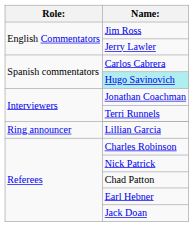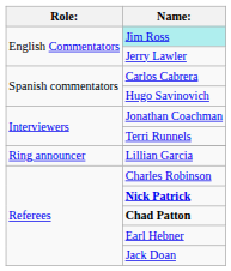 <table class=wikitable style="font-size:90%; margin: 0.5em 0 0.5em 1em; float: right; clear: right;">
 <tr>
 <th>Role:</th>
 <th>Name:</th>
 </tr>
 <tr>
 <td rowspan="2">English <a href='#'>Commentators</a></td>
-<td><a href='#'>Jim Ross</a></td>
+<td style="background: paleturquoise;"><a href='#'>Jim Ross</a></td>
 </tr>
 <tr>
 <td><a href='#'>Jerry Lawler</a></td>
 </tr>
 <tr>
 <td rowspan=2>Spanish commentators</td>
 <td><a href='#'>Carlos Cabrera</a></td>
 </tr>
 <tr>
-<td style="background: paleturquoise;"><a href='#'>Hugo Savinovich</a></td>
+<td><a href='#'>Hugo Savinovich</a></td>
 </tr>
 <tr>
 <td rowspan="2"><a href='#'>Interviewers</a></td>
 <td><a href='#'>Jonathan Coachman</a></td>
 </tr>
 <tr>
 <td><a href='#'>Terri Runnels</a></td>
 </tr>
 <tr>
 <td rowspan="2"><a href='#'>Ring announcer</a></td>
 </tr>
 <tr>
 <td><a href='#'>Lillian Garcia</a></td>
 </tr>
 <tr>
 <td rowspan="6"><a href='#'>Referees</a></td>
 <td><a href='#'>Charles Robinson</a></td>
 </tr>
 <tr>
-<td><a href='#'>Nick Patrick</a></td>
+<td><strong><a href='#'>Nick Patrick</a></strong></td>
 </tr>
 <tr>
-<td>Chad Patton</td>
+<td><strong>Chad Patton</strong></td>
 </tr>
 <tr>
 <td><a href='#'>Earl Hebner</a></td>
 </tr>
 <tr>
 <td><a href='#'>Jack Doan</a></td>
 </tr>
 </table>
